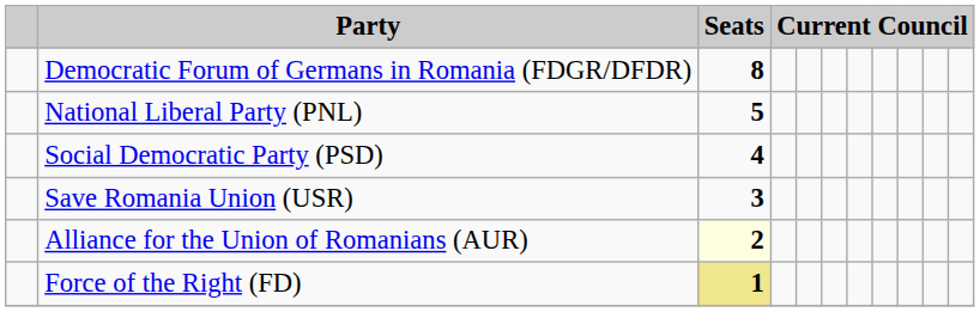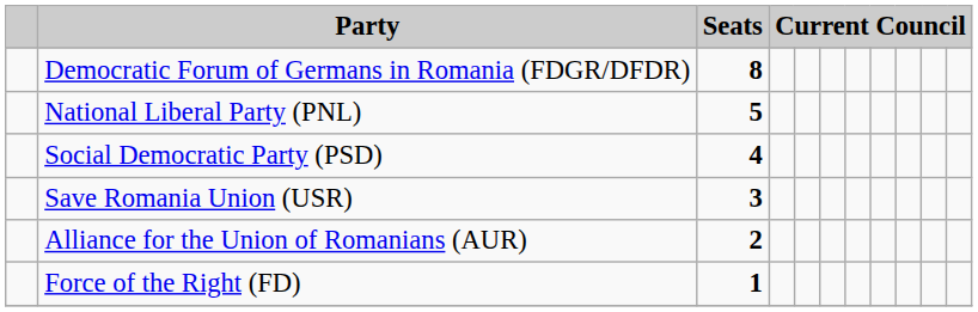 <table class="wikitable">
 <tr>
 <th style="background:#ccc">   </th>
 <th style="background:#ccc">Party</th>
 <th style="background:#ccc">Seats</th>
 <th style="background:#ccc" colspan="8">Current Council</th>
 </tr>
 <tr>
 <td>  </td>
 <td><a href='#'>Democratic Forum of Germans in Romania</a> (FDGR/DFDR)</td>
 <td style="text-align: right"><strong>8</strong></td>
 <td>  </td>
 <td>  </td>
 <td>  </td>
 <td>  </td>
 <td>  </td>
 <td>  </td>
 <td>  </td>
 <td>  </td>
 </tr>
 <tr>
 <td>  </td>
 <td><a href='#'>National Liberal Party</a> (PNL)</td>
 <td style="text-align: right"><strong>5</strong></td>
 <td>  </td>
 <td>  </td>
 <td>  </td>
 <td>  </td>
 <td>  </td>
 <td> </td>
 <td> </td>
 <td> </td>
 </tr>
 <tr>
 <td>  </td>
 <td><a href='#'>Social Democratic Party</a> (PSD)</td>
 <td style="text-align: right"><strong>4</strong></td>
 <td>  </td>
 <td>  </td>
 <td>  </td>
 <td>  </td>
 <td> </td>
 <td> </td>
 <td> </td>
 <td> </td>
 </tr>
 <tr>
 <td>  </td>
 <td><a href='#'>Save Romania Union</a> (USR)</td>
 <td style="text-align: right"><strong>3</strong></td>
 <td></td>
 <td></td>
 <td></td>
 <td> </td>
 <td> </td>
 <td> </td>
 <td> </td>
 <td> </td>
 </tr>
 <tr>
 <td>  </td>
 <td><a href='#'>Alliance for the Union of Romanians</a> (AUR)</td>
-<td style="background: lightyellow; text-align: right"><strong>2</strong></td>
+<td style="text-align: right"><strong>2</strong></td>
 <td>  </td>
 <td>  </td>
 <td> </td>
 <td> </td>
 <td> </td>
 <td> </td>
 <td> </td>
 <td> </td>
 </tr>
 <tr>
 <td>  </td>
 <td><a href='#'>Force of the Right</a> (FD)</td>
-<td style="background: khaki; text-align: right"><strong>1</strong></td>
+<td style="text-align: right"><strong>1</strong></td>
 <td></td>
 <td> </td>
 <td> </td>
 <td> </td>
 <td> </td>
 <td> </td>
 <td> </td>
 <td> </td>
 </tr>
 <tr>
 </tr>
 </table>
